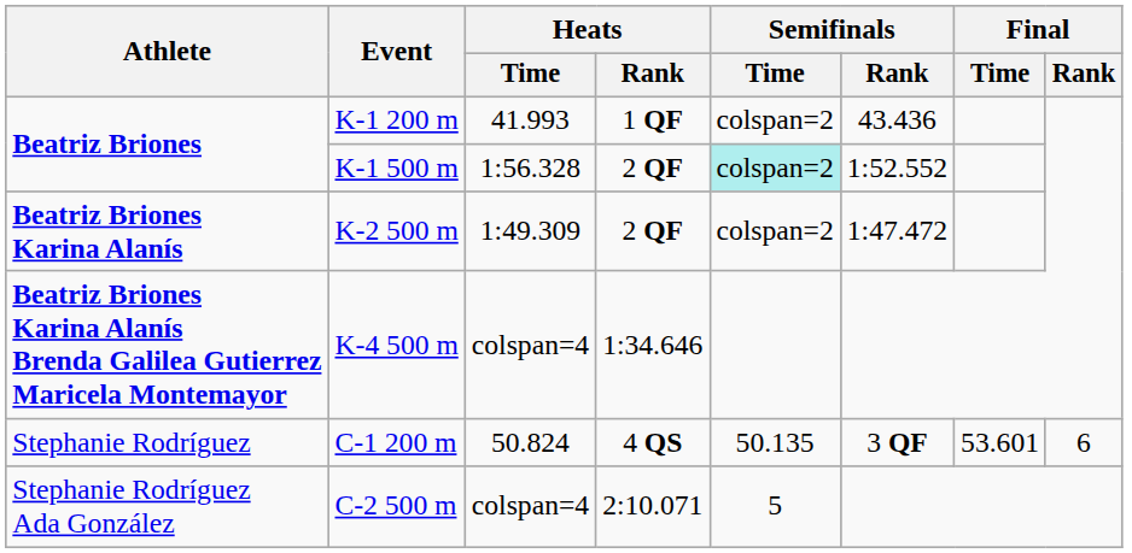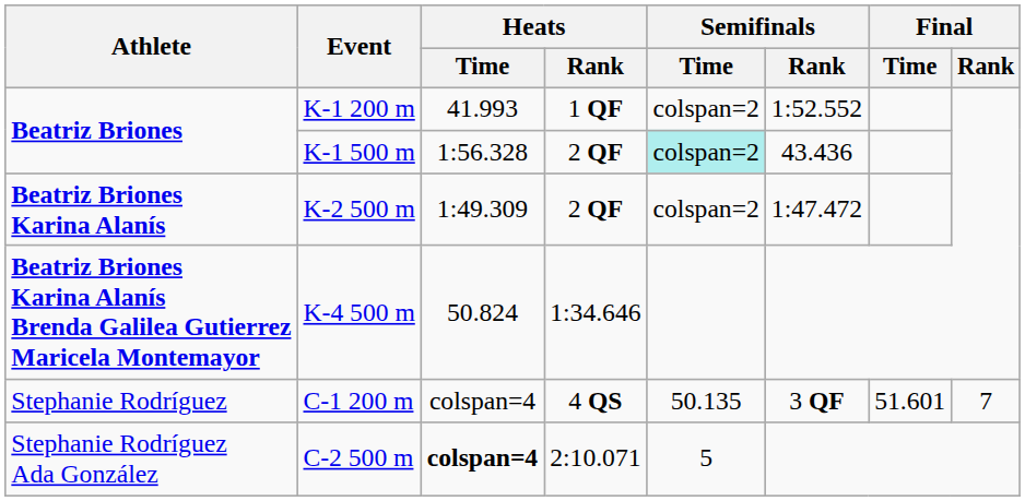 <table class=wikitable style="font-size:90%;">
 <tr>
 <th rowspan="2">Athlete</th>
 <th rowspan="2">Event</th>
 <th colspan=2>Heats</th>
 <th colspan=2>Semifinals</th>
 <th colspan=2>Final</th>
 </tr>
 <tr style="font-size:95%">
 <th>Time</th>
 <th>Rank</th>
 <th>Time</th>
 <th>Rank</th>
 <th>Time</th>
 <th>Rank</th>
 </tr>
 <tr align=center>
 <td align=left rowspan=2><strong><a href='#'>Beatriz Briones</a></strong></td>
 <td align=left><a href='#'>K-1 200 m</a></td>
 <td>41.993</td>
 <td>1 <strong>QF</strong></td>
 <td>colspan=2 </td>
-<td>43.436</td>
+<td>1:52.552</td>
 <td></td>
 </tr>
 <tr align=center>
 <td align=left><a href='#'>K-1 500 m</a></td>
 <td>1:56.328</td>
 <td>2 <strong>QF</strong></td>
 <td style="background: paleturquoise;">colspan=2 </td>
-<td>1:52.552</td>
+<td>43.436</td>
 <td></td>
 </tr>
 <tr align=center>
 <td align=left><strong><a href='#'>Beatriz Briones</a><br><a href='#'>Karina Alanís</a></strong></td>
 <td align=left><a href='#'>K-2 500 m</a></td>
 <td>1:49.309</td>
 <td>2 <strong>QF</strong></td>
 <td>colspan=2 </td>
 <td>1:47.472</td>
 <td></td>
 </tr>
 <tr align=center>
 <td align=left><strong><a href='#'>Beatriz Briones</a><br><a href='#'>Karina Alanís</a><br><a href='#'>Brenda Galilea Gutierrez</a><br><a href='#'>Maricela Montemayor</a></strong></td>
 <td align=left><a href='#'>K-4 500 m</a></td>
-<td>colspan=4 </td>
+<td>50.824</td>
 <td>1:34.646</td>
 <td></td>
 </tr>
 <tr align=center>
 <td align=left><a href='#'>Stephanie Rodríguez</a></td>
 <td align=left><a href='#'>C-1 200 m</a></td>
-<td>50.824</td>
+<td>colspan=4 </td>
 <td>4 <strong>QS</strong></td>
 <td>50.135</td>
 <td>3 <strong>QF</strong></td>
-<td>53.601</td>
-<td>6</td>
+<td>51.601</td>
+<td>7</td>
 </tr>
 <tr align=center>
 <td align=left><a href='#'>Stephanie Rodríguez</a><br><a href='#'>Ada González</a></td>
 <td align=left><a href='#'>C-2 500 m</a></td>
-<td>colspan=4 </td>
+<td><strong>colspan=4 </strong></td>
 <td>2:10.071</td>
 <td>5</td>
 </tr>
 </table>
